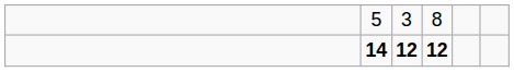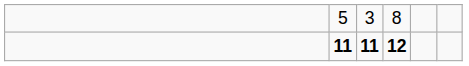 <table class="wikitable">
 <tr>
 <td style="width:18em"></td>
 <td align=center style="width:1em">5</td>
 <td align=center style="width:1em">3</td>
 <td align=center style="width:1em">8</td>
 <td align=center style="width:1em"></td>
 <td align=center style="width:1em"></td>
 </tr>
 <tr>
 <td style="width:18em"><strong></strong></td>
-<td align=center style="width:1em"><strong>14</strong></td>
-<td align=center style="width:1em"><strong>12</strong></td>
+<td align=center style="width:1em"><strong>11</strong></td>
+<td align=center style="width:1em"><strong>11</strong></td>
 <td align=center style="width:1em"><strong>12</strong></td>
 <td align=center style="width:1em"></td>
 <td align=center style="width:1em"></td>
 </tr>
 </table>
